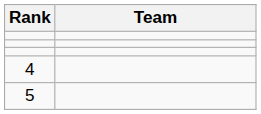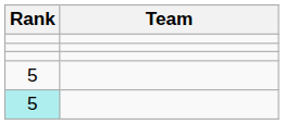 <table class="wikitable" style="text-align: center;">
 <tr>
 <th width=40>Rank</th>
 <th width=180>Team</th>
 </tr>
 <tr align=center>
 <td></td>
 <td style="text-align:left;"></td>
 </tr>
 <tr align=center>
 <td></td>
 <td style="text-align:left;"></td>
 </tr>
 <tr align=center>
 <td></td>
 <td style="text-align:left;"></td>
 </tr>
 <tr align=center>
-<td>4</td>
+<td>5</td>
 <td style="text-align:left;"></td>
 </tr>
 <tr align=center>
-<td>5</td>
+<td style="background: paleturquoise;">5</td>
 <td style="text-align:left;"></td>
 </tr>
 </table>
